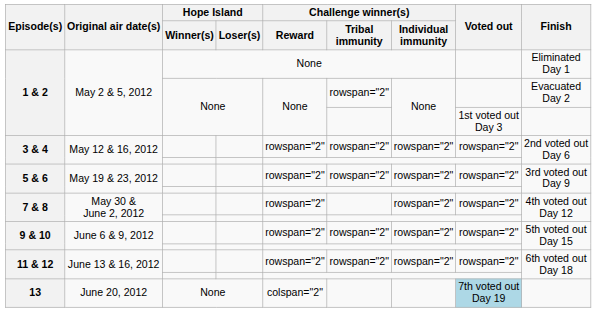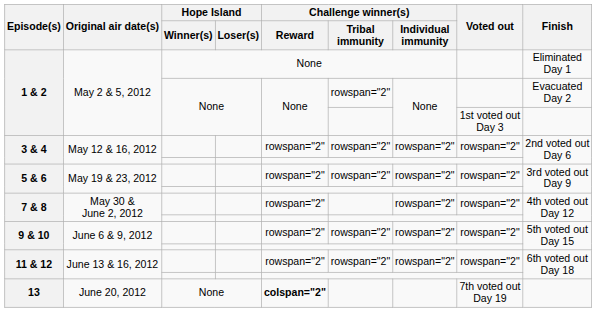 <table class="wikitable nowrap" style="margin:auto; text-align:center">
 <tr>
 <th rowspan="2">Episode(s)</th>
 <th rowspan="2">Original air date(s)</th>
 <th colspan="2">Hope Island</th>
 <th colspan="3">Challenge winner(s)</th>
 <th rowspan="2">Voted out</th>
 <th rowspan="2">Finish</th>
 </tr>
 <tr>
 <th>Winner(s)</th>
 <th>Loser(s)</th>
 <th>Reward</th>
 <th>Tribal<br>immunity</th>
 <th>Individual<br>immunity</th>
 </tr>
 <tr>
 <th rowspan="3">1 & 2</th>
 <td rowspan="3">May 2 & 5, 2012</td>
 <td colspan="5">None</td>
 <td></td>
 <td>Eliminated<br>Day 1</td>
 </tr>
 <tr>
 <td colspan="2" rowspan="2">None</td>
 <td rowspan="2">None</td>
 <td>rowspan="2" </td>
 <td rowspan="2">None</td>
 <td></td>
 <td>Evacuated<br>Day 2</td>
 </tr>
 <tr>
 <td></td>
 <td>1st voted out<br>Day 3</td>
 </tr>
 <tr>
 <th rowspan="2">3 & 4</th>
 <td rowspan="2">May 12 & 16, 2012</td>
 <td></td>
 <td></td>
 <td>rowspan="2" </td>
 <td>rowspan="2" </td>
 <td>rowspan="2" </td>
 <td>rowspan="2" </td>
 <td rowspan="2">2nd voted out<br>Day 6</td>
 </tr>
 <tr>
 <td></td>
 <td></td>
 </tr>
 <tr>
 <th rowspan="2">5 & 6</th>
 <td rowspan="2">May 19 & 23, 2012</td>
 <td></td>
 <td></td>
 <td>rowspan="2" </td>
 <td>rowspan="2" </td>
 <td>rowspan="2" </td>
 <td>rowspan="2" </td>
 <td rowspan="2">3rd voted out<br>Day 9</td>
 </tr>
 <tr>
 <td></td>
 <td></td>
 </tr>
 <tr>
 <th rowspan="2">7 & 8</th>
 <td rowspan="2">May 30 &<br>June 2, 2012</td>
 <td></td>
 <td></td>
 <td>rowspan="2" </td>
 <td></td>
 <td>rowspan="2" </td>
 <td>rowspan="2" </td>
 <td rowspan="2">4th voted out<br>Day 12</td>
 </tr>
 <tr>
 <td></td>
 <td></td>
 <td></td>
 </tr>
 <tr>
 <th rowspan="2">9 & 10</th>
 <td rowspan="2">June 6 & 9, 2012</td>
 <td></td>
 <td></td>
 <td>rowspan="2" </td>
 <td>rowspan="2" </td>
 <td>rowspan="2" </td>
 <td>rowspan="2" </td>
 <td rowspan="2">5th voted out<br>Day 15</td>
 </tr>
 <tr>
 <td></td>
 <td></td>
 </tr>
 <tr>
 <th rowspan="2">11 & 12</th>
 <td rowspan="2">June 13 & 16, 2012</td>
 <td></td>
 <td></td>
 <td>rowspan="2" </td>
 <td>rowspan="2" </td>
 <td>rowspan="2" </td>
 <td>rowspan="2" </td>
 <td rowspan="2">6th voted out<br>Day 18</td>
 </tr>
 <tr>
 <td></td>
 <td></td>
 </tr>
 <tr>
 <th>13</th>
 <td>June 20, 2012</td>
 <td colspan="2">None</td>
-<td>colspan="2" </td>
+<td><strong>colspan="2" </strong></td>
 <td></td>
 <td></td>
-<td style="background: lightblue;">7th voted out<br>Day 19</td>
+<td>7th voted out<br>Day 19</td>
 </tr>
 </table>
